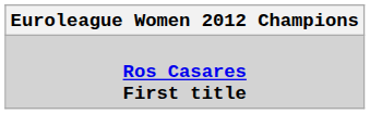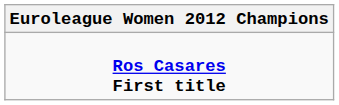 <table class=wikitable style="text-align:center; margin:auto">
 <tr>
 <th>Euroleague Women 2012 Champions</th>
 </tr>
 <tr>
-<td style="background: lightgrey;"><br> <strong><a href='#'>Ros Casares</a></strong> <br> <strong>First title</strong></td>
+<td><br> <strong><a href='#'>Ros Casares</a></strong> <br> <strong>First title</strong></td>
 </tr>
 </table>
